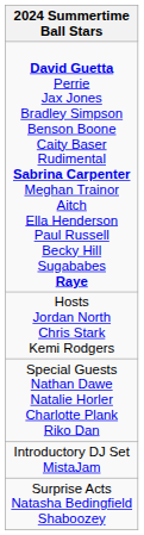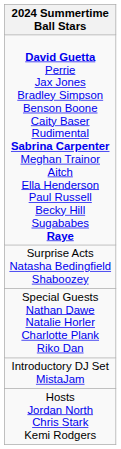 <table class="wikitable">
 <tr>
 <th>2024 Summertime Ball Stars</th>
 </tr>
 <tr>
 <td style="text-align:center; vertical-align:top; width:150px;"><br><strong><a href='#'>David Guetta</a></strong><br><a href='#'>Perrie</a><br><a href='#'>Jax Jones</a><br><a href='#'>Bradley Simpson</a><br><a href='#'>Benson Boone</a><br><a href='#'>Caity Baser</a><br><a href='#'>Rudimental</a><br><strong><a href='#'>Sabrina Carpenter</a></strong><br><a href='#'>Meghan Trainor</a><br><a href='#'>Aitch</a><br><a href='#'>Ella Henderson</a><br><a href='#'>Paul Russell</a><br><a href='#'>Becky Hill</a><br><a href='#'>Sugababes</a><br><strong><a href='#'>Raye</a></strong></td>
 </tr>
 <tr>
-<td style="text-align:center; vertical-align:top; width:150px;">Hosts<br><a href='#'>Jordan North</a><br><a href='#'>Chris Stark</a><br>Kemi Rodgers</td>
+<td style="text-align:center; vertical-align:top; width:150px;">Surprise Acts<br><a href='#'>Natasha Bedingfield</a><br><a href='#'>Shaboozey</a></td>
 </tr>
 <tr>
 <td style="text-align:center; vertical-align:top; width:150px;">Special Guests<br><a href='#'>Nathan Dawe</a><br><a href='#'>Natalie Horler</a><br><a href='#'>Charlotte Plank</a><br><a href='#'>Riko Dan</a></td>
 </tr>
 <tr>
 <td style="text-align:center; vertical-align:top; width:150px;">Introductory DJ Set<br><a href='#'>MistaJam</a></td>
 </tr>
 <tr>
-<td style="text-align:center; vertical-align:top; width:150px;">Surprise Acts<br><a href='#'>Natasha Bedingfield</a><br><a href='#'>Shaboozey</a></td>
+<td style="text-align:center; vertical-align:top; width:150px;">Hosts<br><a href='#'>Jordan North</a><br><a href='#'>Chris Stark</a><br>Kemi Rodgers</td>
 </tr>
 </table>
